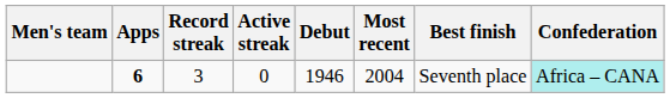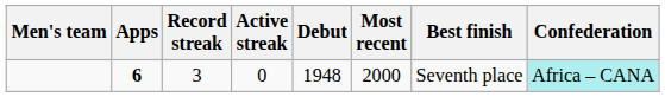 <table class="wikitable" style="text-align: center; font-size: 90%; margin-left: 1em;">
 <tr>
 <th>Men's team</th>
 <th>Apps</th>
 <th>Record<br>streak</th>
 <th>Active<br>streak</th>
 <th>Debut</th>
 <th>Most<br>recent</th>
 <th>Best finish</th>
 <th>Confederation</th>
 </tr>
 <tr>
 <td style="text-align: left;"></td>
 <td><strong>6</strong></td>
 <td>3</td>
 <td>0</td>
-<td>1946</td>
-<td>2004</td>
+<td>1948</td>
+<td>2000</td>
 <td>Seventh place</td>
 <td style="background: paleturquoise;">Africa – CANA</td>
 </tr>
 </table>
